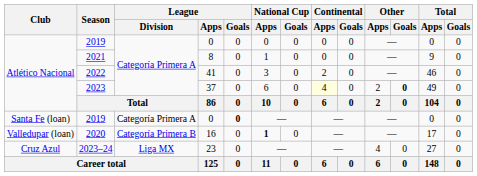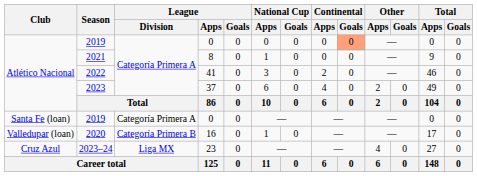 <table class="wikitable" style="text-align:center">
 <tr>
 <th rowspan="2">Club</th>
 <th rowspan="2">Season</th>
 <th colspan="3">League</th>
 <th colspan="2">National Cup</th>
 <th colspan="2">Continental</th>
 <th colspan="2">Other</th>
 <th colspan="2">Total</th>
 </tr>
 <tr>
 <th>Division</th>
 <th>Apps</th>
 <th>Goals</th>
 <th>Apps</th>
 <th>Goals</th>
 <th>Apps</th>
 <th>Goals</th>
 <th>Apps</th>
 <th>Goals</th>
 <th>Apps</th>
 <th>Goals</th>
 </tr>
 <tr>
 <td rowspan="5"><a href='#'>Atlético Nacional</a></td>
 <td><a href='#'>2019</a></td>
 <td rowspan="4"><a href='#'>Categoría Primera A</a></td>
 <td>0</td>
 <td>0</td>
 <td>0</td>
 <td>0</td>
 <td>0</td>
-<td>0</td>
+<td style="background: lightsalmon;">0</td>
 <td colspan="2">—</td>
 <td>0</td>
 <td>0</td>
 </tr>
 <tr>
 <td><a href='#'>2021</a></td>
 <td>8</td>
 <td>0</td>
 <td>1</td>
 <td>0</td>
 <td>0</td>
 <td>0</td>
 <td colspan="2">—</td>
 <td>9</td>
 <td>0</td>
 </tr>
 <tr>
 <td><a href='#'>2022</a></td>
 <td>41</td>
 <td>0</td>
 <td>3</td>
 <td>0</td>
 <td>2</td>
 <td>0</td>
 <td colspan="2">—</td>
 <td>46</td>
 <td>0</td>
 </tr>
 <tr>
 <td><a href='#'>2023</a></td>
 <td>37</td>
 <td>0</td>
 <td>6</td>
 <td>0</td>
-<td style="background: lightyellow;">4</td>
+<td>4</td>
 <td>0</td>
 <td>2</td>
-<td><strong>0</strong></td>
+<td>0</td>
 <td>49</td>
 <td>0</td>
 </tr>
 <tr>
 <th colspan="2">Total</th>
 <th>86</th>
 <th>0</th>
 <th>10</th>
 <th>0</th>
 <th>6</th>
 <th>0</th>
 <th>2</th>
 <th>0</th>
 <th>104</th>
 <th>0</th>
 </tr>
 <tr>
 <td><a href='#'>Santa Fe</a> (loan)</td>
 <td><a href='#'>2019</a></td>
 <td>Categoría Primera A</td>
 <td>0</td>
-<td><strong>0</strong></td>
+<td>0</td>
 <td colspan="2">—</td>
 <td colspan="2">—</td>
 <td colspan="2">—</td>
 <td>0</td>
 <td>0</td>
 </tr>
 <tr>
 <td><a href='#'>Valledupar</a> (loan)</td>
 <td><a href='#'>2020</a></td>
 <td><a href='#'>Categoría Primera B</a></td>
 <td>16</td>
 <td>0</td>
-<td><strong>1</strong></td>
+<td>1</td>
 <td>0</td>
 <td colspan="2">—</td>
 <td colspan="2">—</td>
 <td>17</td>
 <td>0</td>
 </tr>
 <tr>
 <td><a href='#'>Cruz Azul</a></td>
 <td><a href='#'>2023–24</a></td>
 <td><a href='#'>Liga MX</a></td>
 <td>23</td>
 <td>0</td>
 <td colspan="2">—</td>
 <td colspan="2">—</td>
 <td>4</td>
 <td>0</td>
 <td>27</td>
 <td>0</td>
 </tr>
 <tr>
 <th colspan="3">Career total</th>
 <th>125</th>
 <th>0</th>
 <th>11</th>
 <th>0</th>
 <th>6</th>
 <th>0</th>
 <th>6</th>
 <th>0</th>
 <th>148</th>
 <th>0</th>
 </tr>
 </table>
